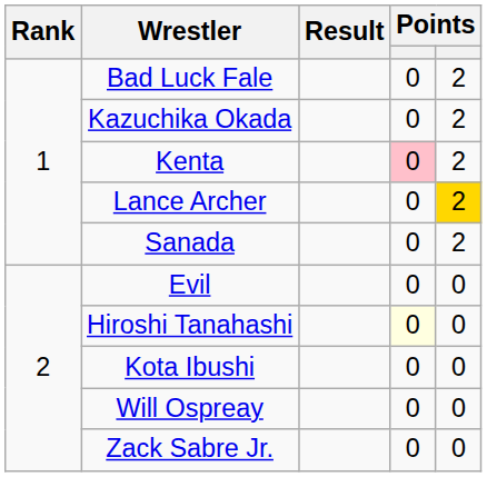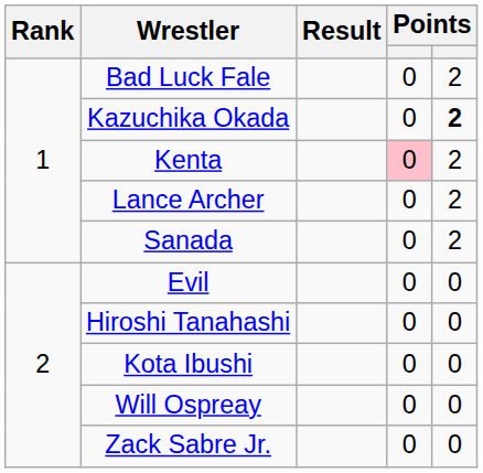 <table class="wikitable mw-collapsible mw-collapsed" plainrowheaders sortable" style="text-align: center">
 <tr>
 <th scope="col" rowspan="2">Rank</th>
 <th scope="col" rowspan="2">Wrestler</th>
 <th scope="col" rowspan="2">Result</th>
 <th scope="col" colspan="2">Points</th>
 </tr>
 <tr>
 <th></th>
 <th></th>
 </tr>
 <tr>
 <td rowspan="5">1</td>
 <td><a href='#'>Bad Luck Fale</a></td>
 <td></td>
 <td>0</td>
 <td>2</td>
 </tr>
 <tr>
 <td><a href='#'>Kazuchika Okada</a></td>
 <td></td>
 <td>0</td>
-<td>2</td>
+<td><strong>2</strong></td>
 </tr>
 <tr>
 <td><a href='#'>Kenta</a></td>
 <td></td>
 <td style="background: pink;">0</td>
 <td>2</td>
 </tr>
 <tr>
 <td><a href='#'>Lance Archer</a></td>
 <td></td>
 <td>0</td>
-<td style="background: gold;">2</td>
+<td>2</td>
 </tr>
 <tr>
 <td><a href='#'>Sanada</a></td>
 <td></td>
 <td>0</td>
 <td>2</td>
 </tr>
 <tr>
 <td rowspan="5">2</td>
 <td><a href='#'>Evil</a></td>
 <td></td>
 <td>0</td>
 <td>0</td>
 </tr>
 <tr>
 <td><a href='#'>Hiroshi Tanahashi</a></td>
 <td></td>
-<td style="background: lightyellow;">0</td>
+<td>0</td>
 <td>0</td>
 </tr>
 <tr>
 <td><a href='#'>Kota Ibushi</a></td>
 <td></td>
 <td>0</td>
 <td>0</td>
 </tr>
 <tr>
 <td><a href='#'>Will Ospreay</a></td>
 <td></td>
 <td>0</td>
 <td>0</td>
 </tr>
 <tr>
 <td><a href='#'>Zack Sabre Jr.</a></td>
 <td></td>
 <td>0</td>
 <td>0</td>
 </tr>
 </table>
